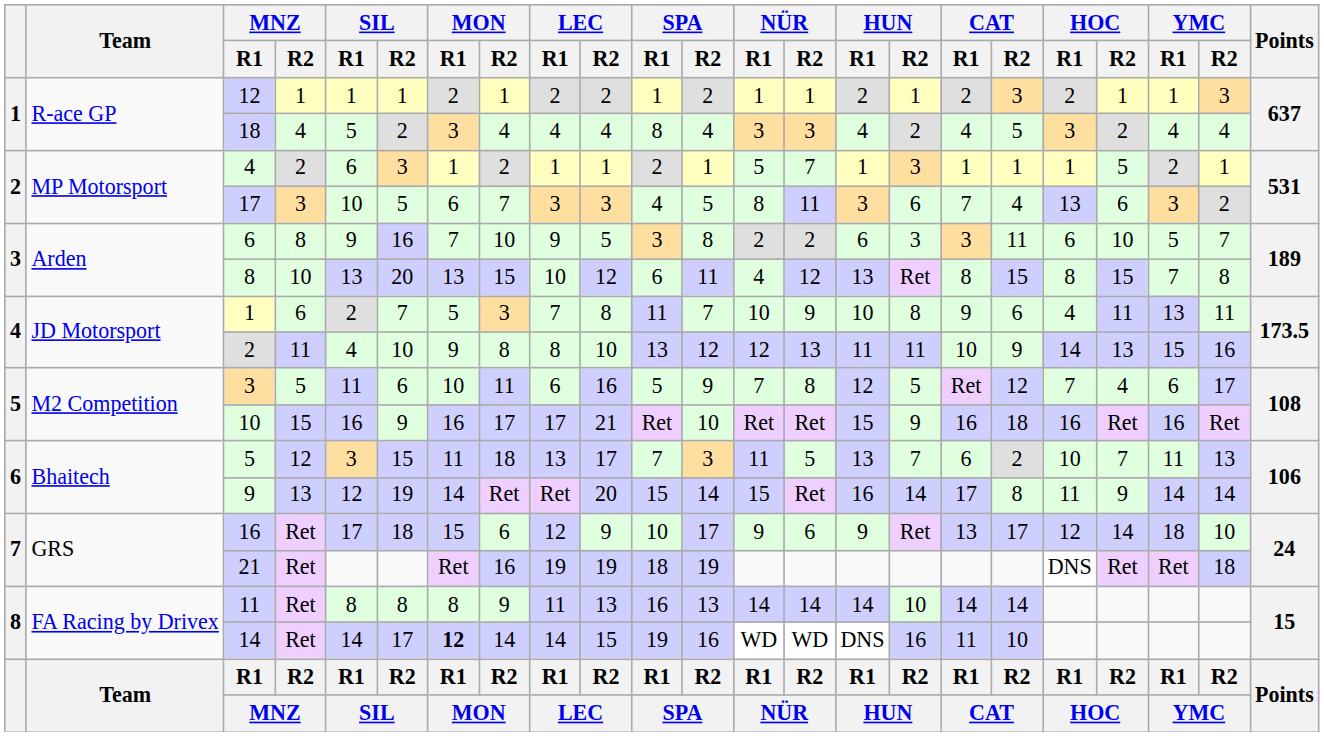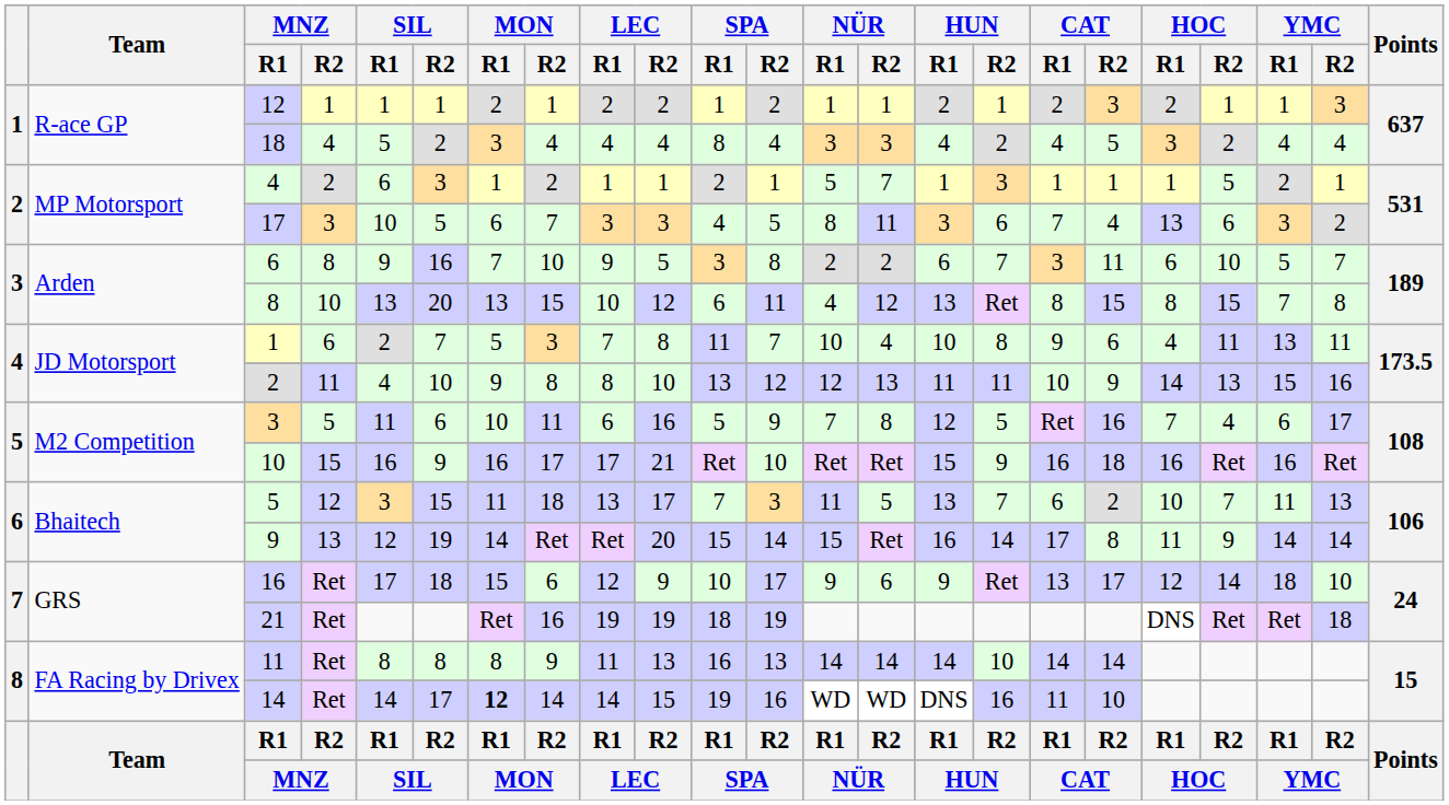 <table class="wikitable" style="font-size:85%; text-align:center">
 <tr valign="top">
 <th rowspan="2" valign="middle"></th>
 <th rowspan="2" valign="middle">Team</th>
 <th colspan=2><a href='#'>MNZ</a><br></th>
 <th colspan=2><a href='#'>SIL</a><br></th>
 <th colspan=2><a href='#'>MON</a><br></th>
 <th colspan=2><a href='#'>LEC</a><br></th>
 <th colspan=2><a href='#'>SPA</a><br></th>
 <th colspan=2><a href='#'>NÜR</a><br></th>
 <th colspan=2><a href='#'>HUN</a><br></th>
 <th colspan=2><a href='#'>CAT</a><br></th>
 <th colspan=2><a href='#'>HOC</a><br></th>
 <th colspan=2><a href='#'>YMC</a><br></th>
 <th rowspan="2" valign="middle">Points</th>
 </tr>
 <tr>
 <th width=25>R1</th>
 <th width=25>R2</th>
 <th width=25>R1</th>
 <th width=25>R2</th>
 <th width=25>R1</th>
 <th width=25>R2</th>
 <th width=25>R1</th>
 <th width=25>R2</th>
 <th width=25>R1</th>
 <th width=25>R2</th>
 <th width=25>R1</th>
 <th width=25>R2</th>
 <th width=25>R1</th>
 <th width=25>R2</th>
 <th width=25>R1</th>
 <th width=25>R2</th>
 <th width=25>R1</th>
 <th width=25>R2</th>
 <th width=25>R1</th>
 <th width=25>R2</th>
 </tr>
 <tr>
 <th rowspan=2>1</th>
 <td rowspan=2 align=left> <a href='#'>R-ace GP</a></td>
 <td style="background:#cfcfff;">12</td>
 <td style="background:#ffffbf;">1</td>
 <td style="background:#ffffbf;">1</td>
 <td style="background:#ffffbf;">1</td>
 <td style="background:#dfdfdf;">2</td>
 <td style="background:#ffffbf;">1</td>
 <td style="background:#dfdfdf;">2</td>
 <td style="background:#dfdfdf;">2</td>
 <td style="background:#ffffbf;">1</td>
 <td style="background:#dfdfdf;">2</td>
 <td style="background:#ffffbf;">1</td>
 <td style="background:#ffffbf;">1</td>
 <td style="background:#dfdfdf;">2</td>
 <td style="background:#ffffbf;">1</td>
 <td style="background:#dfdfdf;">2</td>
 <td style="background:#ffdf9f;">3</td>
 <td style="background:#dfdfdf;">2</td>
 <td style="background:#ffffbf;">1</td>
 <td style="background:#ffffbf;">1</td>
 <td style="background:#ffdf9f;">3</td>
 <th rowspan=2>637</th>
 </tr>
 <tr>
 <td style="background:#cfcfff;">18</td>
 <td style="background:#dfffdf;">4</td>
 <td style="background:#dfffdf;">5</td>
 <td style="background:#dfdfdf;">2</td>
 <td style="background:#ffdf9f;">3</td>
 <td style="background:#dfffdf;">4</td>
 <td style="background:#dfffdf;">4</td>
 <td style="background:#dfffdf;">4</td>
 <td style="background:#dfffdf;">8</td>
 <td style="background:#dfffdf;">4</td>
 <td style="background:#ffdf9f;">3</td>
 <td style="background:#ffdf9f;">3</td>
 <td style="background:#dfffdf;">4</td>
 <td style="background:#dfdfdf;">2</td>
 <td style="background:#dfffdf;">4</td>
 <td style="background:#dfffdf;">5</td>
 <td style="background:#ffdf9f;">3</td>
 <td style="background:#dfdfdf;">2</td>
 <td style="background:#dfffdf;">4</td>
 <td style="background:#dfffdf;">4</td>
 </tr>
 <tr>
 <th rowspan=2>2</th>
 <td rowspan=2 align=left> <a href='#'>MP Motorsport</a></td>
 <td style="background:#dfffdf;">4</td>
 <td style="background:#dfdfdf;">2</td>
 <td style="background:#dfffdf;">6</td>
 <td style="background:#ffdf9f;">3</td>
 <td style="background:#ffffbf;">1</td>
 <td style="background:#dfdfdf;">2</td>
 <td style="background:#ffffbf;">1</td>
 <td style="background:#ffffbf;">1</td>
 <td style="background:#dfdfdf;">2</td>
 <td style="background:#ffffbf;">1</td>
 <td style="background:#dfffdf;">5</td>
 <td style="background:#dfffdf;">7</td>
 <td style="background:#ffffbf;">1</td>
 <td style="background:#ffdf9f;">3</td>
 <td style="background:#ffffbf;">1</td>
 <td style="background:#ffffbf;">1</td>
 <td style="background:#ffffbf;">1</td>
 <td style="background:#dfffdf;">5</td>
 <td style="background:#dfdfdf;">2</td>
 <td style="background:#ffffbf;">1</td>
 <th rowspan=2>531</th>
 </tr>
 <tr>
 <td style="background:#cfcfff;">17</td>
 <td style="background:#ffdf9f;">3</td>
 <td style="background:#dfffdf;">10</td>
 <td style="background:#dfffdf;">5</td>
 <td style="background:#dfffdf;">6</td>
 <td style="background:#dfffdf;">7</td>
 <td style="background:#ffdf9f;">3</td>
 <td style="background:#ffdf9f;">3</td>
 <td style="background:#dfffdf;">4</td>
 <td style="background:#dfffdf;">5</td>
 <td style="background:#dfffdf;">8</td>
 <td style="background:#cfcfff;">11</td>
 <td style="background:#ffdf9f;">3</td>
 <td style="background:#dfffdf;">6</td>
 <td style="background:#dfffdf;">7</td>
 <td style="background:#dfffdf;">4</td>
 <td style="background:#cfcfff;">13</td>
 <td style="background:#dfffdf;">6</td>
 <td style="background:#ffdf9f;">3</td>
 <td style="background:#dfdfdf;">2</td>
 </tr>
 <tr>
 <th rowspan=2>3</th>
 <td rowspan=2 align=left> <a href='#'>Arden</a></td>
 <td style="background:#dfffdf;">6</td>
 <td style="background:#dfffdf;">8</td>
 <td style="background:#dfffdf;">9</td>
 <td style="background:#cfcfff;">16</td>
 <td style="background:#dfffdf;">7</td>
 <td style="background:#dfffdf;">10</td>
 <td style="background:#dfffdf;">9</td>
 <td style="background:#dfffdf;">5</td>
 <td style="background:#ffdf9f;">3</td>
 <td style="background:#dfffdf;">8</td>
 <td style="background:#dfdfdf;">2</td>
 <td style="background:#dfdfdf;">2</td>
 <td style="background:#dfffdf;">6</td>
-<td style="background:#dfffdf;">3</td>
+<td style="background:#dfffdf;">7</td>
 <td style="background:#ffdf9f;">3</td>
 <td style="background:#dfffdf;">11</td>
 <td style="background:#dfffdf;">6</td>
 <td style="background:#dfffdf;">10</td>
 <td style="background:#dfffdf;">5</td>
 <td style="background:#dfffdf;">7</td>
 <th rowspan=2>189</th>
 </tr>
 <tr>
 <td style="background:#dfffdf;">8</td>
 <td style="background:#dfffdf;">10</td>
 <td style="background:#cfcfff;">13</td>
 <td style="background:#cfcfff;">20</td>
 <td style="background:#cfcfff;">13</td>
 <td style="background:#cfcfff;">15</td>
 <td style="background:#dfffdf;">10</td>
 <td style="background:#cfcfff;">12</td>
 <td style="background:#dfffdf;">6</td>
 <td style="background:#cfcfff;">11</td>
 <td style="background:#dfffdf;">4</td>
 <td style="background:#cfcfff;">12</td>
 <td style="background:#cfcfff;">13</td>
 <td style="background:#efcfff;">Ret</td>
 <td style="background:#dfffdf;">8</td>
 <td style="background:#cfcfff;">15</td>
 <td style="background:#dfffdf;">8</td>
 <td style="background:#cfcfff;">15</td>
 <td style="background:#dfffdf;">7</td>
 <td style="background:#dfffdf;">8</td>
 </tr>
 <tr>
 <th rowspan=2>4</th>
 <td rowspan=2 align=left> <a href='#'>JD Motorsport</a></td>
 <td style="background:#ffffbf;">1</td>
 <td style="background:#dfffdf;">6</td>
 <td style="background:#dfdfdf;">2</td>
 <td style="background:#dfffdf;">7</td>
 <td style="background:#dfffdf;">5</td>
 <td style="background:#ffdf9f;">3</td>
 <td style="background:#dfffdf;">7</td>
 <td style="background:#dfffdf;">8</td>
 <td style="background:#cfcfff;">11</td>
 <td style="background:#dfffdf;">7</td>
 <td style="background:#dfffdf;">10</td>
-<td style="background:#dfffdf;">9</td>
+<td style="background:#dfffdf;">4</td>
 <td style="background:#dfffdf;">10</td>
 <td style="background:#dfffdf;">8</td>
 <td style="background:#dfffdf;">9</td>
 <td style="background:#dfffdf;">6</td>
 <td style="background:#dfffdf;">4</td>
 <td style="background:#cfcfff;">11</td>
 <td style="background:#cfcfff;">13</td>
 <td style="background:#dfffdf;">11</td>
 <th rowspan=2>173.5</th>
 </tr>
 <tr>
 <td style="background:#dfdfdf;">2</td>
 <td style="background:#cfcfff;">11</td>
 <td style="background:#dfffdf;">4</td>
 <td style="background:#dfffdf;">10</td>
 <td style="background:#dfffdf;">9</td>
 <td style="background:#dfffdf;">8</td>
 <td style="background:#dfffdf;">8</td>
 <td style="background:#dfffdf;">10</td>
 <td style="background:#cfcfff;">13</td>
 <td style="background:#cfcfff;">12</td>
 <td style="background:#cfcfff;">12</td>
 <td style="background:#cfcfff;">13</td>
 <td style="background:#cfcfff;">11</td>
 <td style="background:#cfcfff;">11</td>
 <td style="background:#dfffdf;">10</td>
 <td style="background:#dfffdf;">9</td>
 <td style="background:#cfcfff;">14</td>
 <td style="background:#cfcfff;">13</td>
 <td style="background:#cfcfff;">15</td>
 <td style="background:#cfcfff;">16</td>
 </tr>
 <tr>
 <th rowspan=2>5</th>
 <td rowspan=2 align=left> <a href='#'>M2 Competition</a></td>
 <td style="background:#ffdf9f;">3</td>
 <td style="background:#dfffdf;">5</td>
 <td style="background:#cfcfff;">11</td>
 <td style="background:#dfffdf;">6</td>
 <td style="background:#dfffdf;">10</td>
 <td style="background:#cfcfff;">11</td>
 <td style="background:#dfffdf;">6</td>
 <td style="background:#cfcfff;">16</td>
 <td style="background:#dfffdf;">5</td>
 <td style="background:#dfffdf;">9</td>
 <td style="background:#dfffdf;">7</td>
 <td style="background:#dfffdf;">8</td>
 <td style="background:#cfcfff;">12</td>
 <td style="background:#dfffdf;">5</td>
 <td style="background:#efcfff;">Ret</td>
-<td style="background:#cfcfff;">12</td>
+<td style="background:#cfcfff;">16</td>
 <td style="background:#dfffdf;">7</td>
 <td style="background:#dfffdf;">4</td>
 <td style="background:#dfffdf;">6</td>
 <td style="background:#cfcfff;">17</td>
 <th rowspan=2>108</th>
 </tr>
 <tr>
 <td style="background:#dfffdf;">10</td>
 <td style="background:#cfcfff;">15</td>
 <td style="background:#cfcfff;">16</td>
 <td style="background:#dfffdf;">9</td>
 <td style="background:#cfcfff;">16</td>
 <td style="background:#cfcfff;">17</td>
 <td style="background:#cfcfff;">17</td>
 <td style="background:#cfcfff;">21</td>
 <td style="background:#efcfff;">Ret</td>
 <td style="background:#dfffdf;">10</td>
 <td style="background:#efcfff;">Ret</td>
 <td style="background:#efcfff;">Ret</td>
 <td style="background:#cfcfff;">15</td>
 <td style="background:#dfffdf;">9</td>
 <td style="background:#cfcfff;">16</td>
 <td style="background:#cfcfff;">18</td>
 <td style="background:#cfcfff;">16</td>
 <td style="background:#efcfff;">Ret</td>
 <td style="background:#cfcfff;">16</td>
 <td style="background:#efcfff;">Ret</td>
 </tr>
 <tr>
 <th rowspan=2>6</th>
 <td rowspan=2 align=left> <a href='#'>Bhaitech</a></td>
 <td style="background:#dfffdf;">5</td>
 <td style="background:#cfcfff;">12</td>
 <td style="background:#ffdf9f;">3</td>
 <td style="background:#cfcfff;">15</td>
 <td style="background:#cfcfff;">11</td>
 <td style="background:#cfcfff;">18</td>
 <td style="background:#cfcfff;">13</td>
 <td style="background:#cfcfff;">17</td>
 <td style="background:#dfffdf;">7</td>
 <td style="background:#ffdf9f;">3</td>
 <td style="background:#cfcfff;">11</td>
 <td style="background:#dfffdf;">5</td>
 <td style="background:#cfcfff;">13</td>
 <td style="background:#dfffdf;">7</td>
 <td style="background:#dfffdf;">6</td>
 <td style="background:#dfdfdf;">2</td>
 <td style="background:#dfffdf;">10</td>
 <td style="background:#dfffdf;">7</td>
 <td style="background:#dfffdf;">11</td>
 <td style="background:#cfcfff;">13</td>
 <th rowspan=2>106</th>
 </tr>
 <tr>
 <td style="background:#dfffdf;">9</td>
 <td style="background:#cfcfff;">13</td>
 <td style="background:#cfcfff;">12</td>
 <td style="background:#cfcfff;">19</td>
 <td style="background:#cfcfff;">14</td>
 <td style="background:#efcfff;">Ret</td>
 <td style="background:#efcfff;">Ret</td>
 <td style="background:#cfcfff;">20</td>
 <td style="background:#cfcfff;">15</td>
 <td style="background:#cfcfff;">14</td>
 <td style="background:#cfcfff;">15</td>
 <td style="background:#efcfff;">Ret</td>
 <td style="background:#cfcfff;">16</td>
 <td style="background:#cfcfff;">14</td>
 <td style="background:#cfcfff;">17</td>
 <td style="background:#dfffdf;">8</td>
 <td style="background:#dfffdf;">11</td>
 <td style="background:#dfffdf;">9</td>
 <td style="background:#cfcfff;">14</td>
 <td style="background:#cfcfff;">14</td>
 </tr>
 <tr>
 <th rowspan=2>7</th>
 <td rowspan=2 align=left> GRS</td>
 <td style="background:#cfcfff;">16</td>
 <td style="background:#efcfff;">Ret</td>
 <td style="background:#cfcfff;">17</td>
 <td style="background:#cfcfff;">18</td>
 <td style="background:#cfcfff;">15</td>
 <td style="background:#dfffdf;">6</td>
 <td style="background:#cfcfff;">12</td>
 <td style="background:#dfffdf;">9</td>
 <td style="background:#dfffdf;">10</td>
 <td style="background:#cfcfff;">17</td>
 <td style="background:#dfffdf;">9</td>
 <td style="background:#dfffdf;">6</td>
 <td style="background:#dfffdf;">9</td>
 <td style="background:#efcfff;">Ret</td>
 <td style="background:#cfcfff;">13</td>
 <td style="background:#cfcfff;">17</td>
 <td style="background:#cfcfff;">12</td>
 <td style="background:#cfcfff;">14</td>
 <td style="background:#cfcfff;">18</td>
 <td style="background:#dfffdf;">10</td>
 <th rowspan=2>24</th>
 </tr>
 <tr>
 <td style="background:#cfcfff;">21</td>
 <td style="background:#efcfff;">Ret</td>
 <td></td>
 <td></td>
 <td style="background:#efcfff;">Ret</td>
 <td style="background:#cfcfff;">16</td>
 <td style="background:#cfcfff;">19</td>
 <td style="background:#cfcfff;">19</td>
 <td style="background:#cfcfff;">18</td>
 <td style="background:#cfcfff;">19</td>
 <td></td>
 <td></td>
 <td></td>
 <td></td>
 <td></td>
 <td></td>
 <td style="background:#ffffff;">DNS</td>
 <td style="background:#efcfff;">Ret</td>
 <td style="background:#efcfff;">Ret</td>
 <td style="background:#cfcfff;">18</td>
 </tr>
 <tr>
 <th rowspan=2>8</th>
 <td rowspan=2 align=left nowrap> <a href='#'>FA Racing by Drivex</a></td>
 <td style="background:#cfcfff;">11</td>
 <td style="background:#efcfff;">Ret</td>
 <td style="background:#dfffdf;">8</td>
 <td style="background:#dfffdf;">8</td>
 <td style="background:#dfffdf;">8</td>
 <td style="background:#dfffdf;">9</td>
 <td style="background:#cfcfff;">11</td>
 <td style="background:#cfcfff;">13</td>
 <td style="background:#cfcfff;">16</td>
 <td style="background:#cfcfff;">13</td>
 <td style="background:#cfcfff;">14</td>
 <td style="background:#cfcfff;">14</td>
 <td style="background:#cfcfff;">14</td>
 <td style="background:#dfffdf;">10</td>
 <td style="background:#cfcfff;">14</td>
 <td style="background:#cfcfff;">14</td>
 <td></td>
 <td></td>
 <td></td>
 <td></td>
 <th rowspan=2>15</th>
 </tr>
 <tr>
 <td style="background:#cfcfff;">14</td>
 <td style="background:#efcfff;">Ret</td>
 <td style="background:#cfcfff;">14</td>
 <td style="background:#cfcfff;">17</td>
 <td style="background:#cfcfff;"><strong>12</strong></td>
 <td style="background:#cfcfff;">14</td>
 <td style="background:#cfcfff;">14</td>
 <td style="background:#cfcfff;">15</td>
 <td style="background:#cfcfff;">19</td>
 <td style="background:#cfcfff;">16</td>
 <td style="background:#ffffff;">WD</td>
 <td style="background:#ffffff;">WD</td>
 <td style="background:#ffffff;">DNS</td>
 <td style="background:#cfcfff;">16</td>
 <td style="background:#cfcfff;">11</td>
 <td style="background:#cfcfff;">10</td>
 <td></td>
 <td></td>
 <td></td>
 <td></td>
 </tr>
 <tr>
 <th rowspan="2"></th>
 <th rowspan="2">Team</th>
 <th>R1</th>
 <th>R2</th>
 <th>R1</th>
 <th>R2</th>
 <th>R1</th>
 <th>R2</th>
 <th>R1</th>
 <th>R2</th>
 <th>R1</th>
 <th>R2</th>
 <th>R1</th>
 <th>R2</th>
 <th>R1</th>
 <th>R2</th>
 <th>R1</th>
 <th>R2</th>
 <th>R1</th>
 <th>R2</th>
 <th>R1</th>
 <th>R2</th>
 <th rowspan="2">Points</th>
 </tr>
 <tr valign="top">
 <th colspan="2"><a href='#'>MNZ</a><br></th>
 <th colspan="2"><a href='#'>SIL</a><br></th>
 <th colspan="2"><a href='#'>MON</a><br></th>
 <th colspan="2"><a href='#'>LEC</a><br></th>
 <th colspan="2"><a href='#'>SPA</a><br></th>
 <th colspan="2"><a href='#'>NÜR</a><br></th>
 <th colspan="2"><a href='#'>HUN</a><br></th>
 <th colspan="2"><a href='#'>CAT</a><br></th>
 <th colspan="2"><a href='#'>HOC</a><br></th>
 <th colspan="2"><a href='#'>YMC</a><br></th>
 </tr>
 </table>
